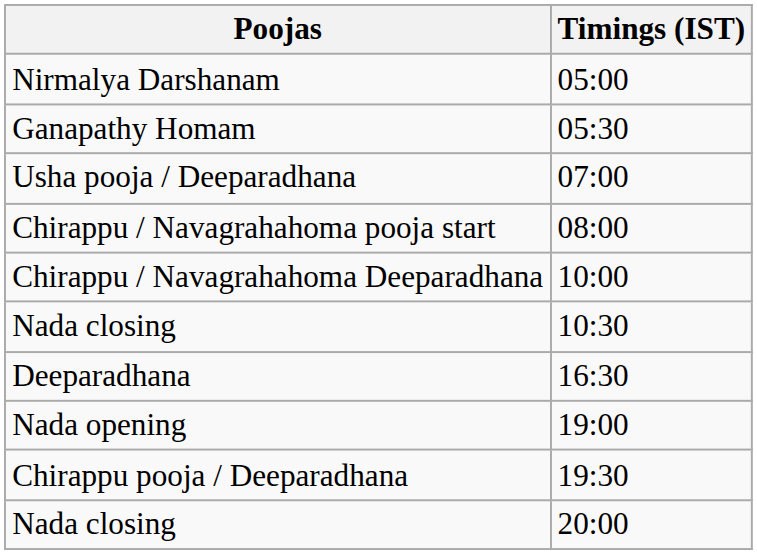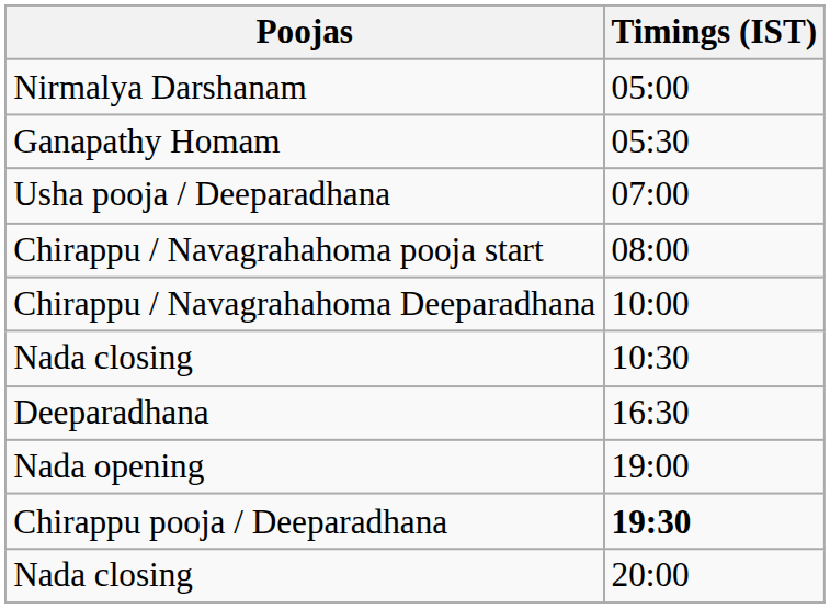 <table class="wikitable">
 <tr>
 <th>Poojas</th>
 <th>Timings (IST)</th>
 </tr>
 <tr>
 <td>Nirmalya Darshanam</td>
 <td>05:00</td>
 </tr>
 <tr>
 <td>Ganapathy Homam</td>
 <td>05:30</td>
 </tr>
 <tr>
 <td>Usha pooja / Deeparadhana</td>
 <td>07:00</td>
 </tr>
 <tr>
 <td>Chirappu / Navagrahahoma pooja start</td>
 <td>08:00</td>
 </tr>
 <tr>
 <td>Chirappu / Navagrahahoma Deeparadhana</td>
 <td>10:00</td>
 </tr>
 <tr>
 <td>Nada closing</td>
 <td>10:30</td>
 </tr>
 <tr>
 <td>Deeparadhana</td>
 <td>16:30</td>
 </tr>
 <tr>
 <td>Nada opening</td>
 <td>19:00</td>
 </tr>
 <tr>
 <td>Chirappu pooja / Deeparadhana</td>
-<td>19:30</td>
+<td><strong>19:30</strong></td>
 </tr>
 <tr>
 <td>Nada closing</td>
 <td>20:00</td>
 </tr>
 </table>
